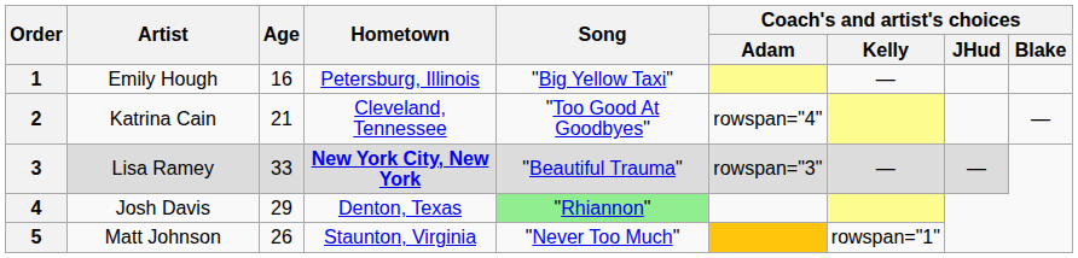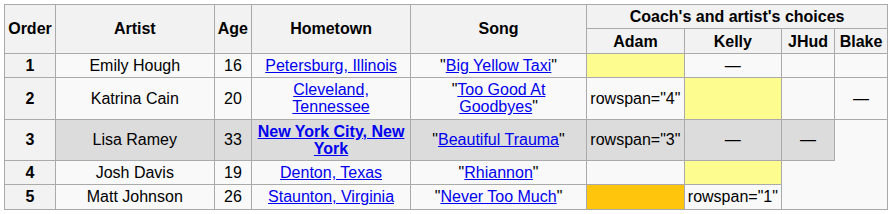 <table class="wikitable" style="text-align:center; line-height:17px; width:100%;">
 <tr>
 <th scope="col" rowspan="2" style="width:04%;">Order</th>
 <th scope="col" rowspan="2" style="width:18%;">Artist</th>
 <th scope="col" rowspan="2" style="width:04%;">Age</th>
 <th scope="col" rowspan="2" style="width:18%;">Hometown</th>
 <th scope="col" rowspan="2" style="width:20%;">Song</th>
 <th scope="col" colspan="4" style="width:24%;">Coach's and artist's choices</th>
 </tr>
 <tr>
 <th style="width:06%;">Adam</th>
 <th style="width:06%;">Kelly</th>
 <th style="width:06%;">JHud</th>
 <th style="width:06%;">Blake</th>
 </tr>
 <tr>
 <th>1</th>
 <td>Emily Hough</td>
 <td>16</td>
 <td><a href='#'>Petersburg, Illinois</a></td>
 <td>"<a href='#'>Big Yellow Taxi</a>"</td>
 <td style="background:#fdfc8f;"><strong></strong></td>
 <td>—</td>
 <td><strong></strong></td>
 <td><strong></strong></td>
 </tr>
 <tr>
 <th>2</th>
 <td>Katrina Cain</td>
-<td>21</td>
+<td>20</td>
 <td><a href='#'>Cleveland, Tennessee</a></td>
 <td>"<a href='#'>Too Good At Goodbyes</a>"</td>
 <td>rowspan="4" </td>
 <td style="background:#fdfc8f;"><strong></strong></td>
 <td><strong></strong></td>
 <td>—</td>
 </tr>
 <tr style="background:#DCDCDC;">
 <th>3</th>
 <td>Lisa Ramey</td>
 <td>33</td>
 <td><strong><a href='#'>New York City, New York</a></strong></td>
 <td>"<a href='#'>Beautiful Trauma</a>"</td>
 <td>rowspan="3" </td>
 <td>—</td>
 <td>—</td>
 </tr>
 <tr>
 <th>4</th>
 <td>Josh Davis</td>
-<td>29</td>
+<td>19</td>
 <td><a href='#'>Denton, Texas</a></td>
-<td style="background: lightgreen;">"<a href='#'>Rhiannon</a>"</td>
+<td>"<a href='#'>Rhiannon</a>"</td>
 <td><strong></strong></td>
 <td style="background:#fdfc8f;"><strong></strong></td>
 </tr>
 <tr>
 <th>5</th>
 <td>Matt Johnson</td>
 <td>26</td>
 <td><a href='#'>Staunton, Virginia</a></td>
 <td>"<a href='#'>Never Too Much</a>"</td>
 <td style="background:#FFC40C;"><strong></strong></td>
 <td>rowspan="1" </td>
 </tr>
 <tr>
 </tr>
 </table>
